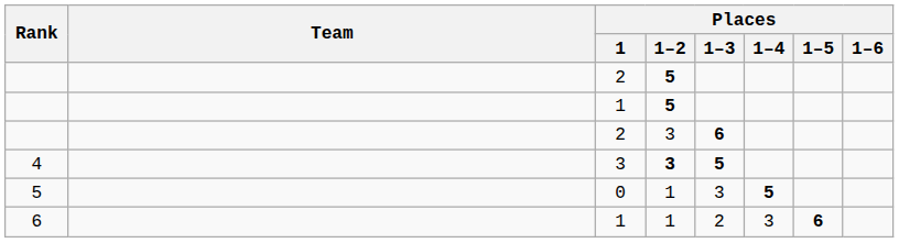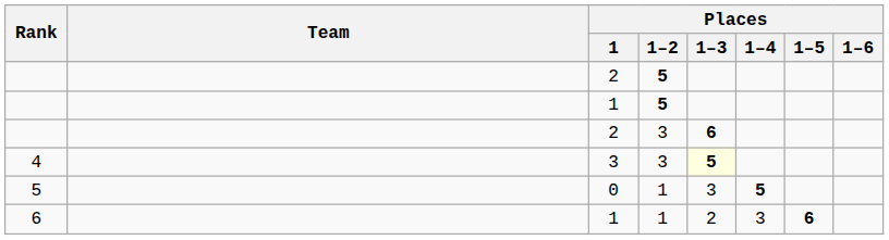 <table class="wikitable" style="text-align:center">
 <tr>
 <th rowspan="2" width=40>Rank</th>
 <th rowspan="2" width=380>Team</th>
 <th colspan="6">Places</th>
 </tr>
 <tr>
 <th width=30>1</th>
 <th width=30>1–2</th>
 <th width=30>1–3</th>
 <th width=30>1–4</th>
 <th width=30>1–5</th>
 <th width=30>1–6</th>
 </tr>
 <tr>
 <td></td>
 <td align=left></td>
 <td>2</td>
 <td><strong>5</strong></td>
 <td></td>
 <td></td>
 <td></td>
 <td></td>
 </tr>
 <tr>
 <td></td>
 <td align=left></td>
 <td>1</td>
 <td><strong>5</strong></td>
 <td></td>
 <td></td>
 <td></td>
 <td></td>
 </tr>
 <tr>
 <td></td>
 <td align=left></td>
 <td>2</td>
 <td>3</td>
 <td><strong>6</strong></td>
 <td></td>
 <td></td>
 <td></td>
 </tr>
 <tr>
 <td>4</td>
 <td align=left></td>
 <td>3</td>
-<td><strong>3</strong></td>
-<td><strong>5</strong></td>
+<td>3</td>
+<td style="background: lightyellow;"><strong>5</strong></td>
 <td></td>
 <td></td>
 <td></td>
 </tr>
 <tr>
 <td>5</td>
 <td align=left></td>
 <td>0</td>
 <td>1</td>
 <td>3</td>
 <td><strong>5</strong></td>
 <td></td>
 <td></td>
 </tr>
 <tr>
 <td>6</td>
 <td align=left></td>
 <td>1</td>
 <td>1</td>
 <td>2</td>
 <td>3</td>
 <td><strong>6</strong></td>
 <td></td>
 </tr>
 </table>
